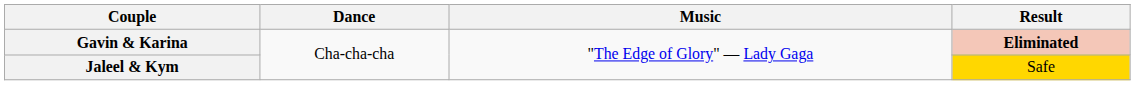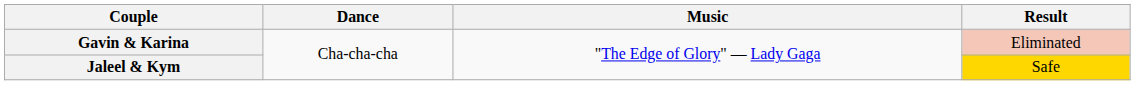 <table class="wikitable unsortable" style="text-align:center; width:90%">
 <tr>
 <th scope="col">Couple</th>
 <th scope="col">Dance</th>
 <th scope="col">Music</th>
 <th scope="col">Result</th>
 </tr>
 <tr>
 <th scope="row">Gavin & Karina</th>
 <td rowspan=2>Cha-cha-cha</td>
 <td rowspan=2>"<a href='#'>The Edge of Glory</a>" — <a href='#'>Lady Gaga</a></td>
-<td bgcolor=f4c7b8><strong>Eliminated</strong></td>
+<td bgcolor=f4c7b8>Eliminated</td>
 </tr>
 <tr>
 <th scope="row">Jaleel & Kym</th>
 <td style="background: gold;">Safe</td>
 </tr>
 </table>
